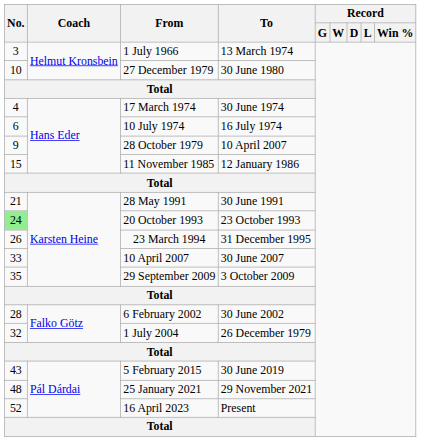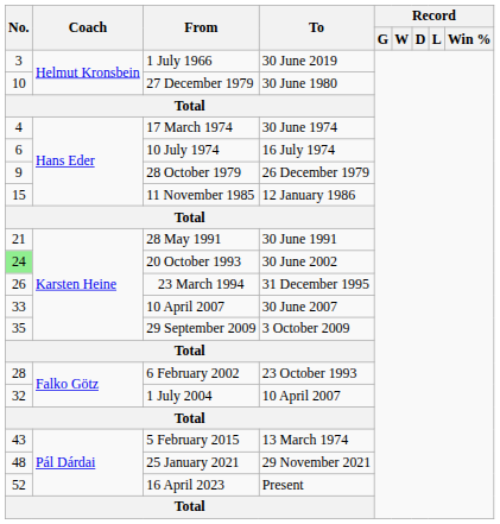 <table class="wikitable" style="text-align: center">
 <tr>
 <th rowspan="2">No.</th>
 <th rowspan="2">Coach</th>
 <th rowspan="2">From</th>
 <th rowspan="2">To</th>
 <th colspan="5">Record</th>
 </tr>
 <tr>
 <th>G</th>
 <th>W</th>
 <th>D</th>
 <th>L</th>
 <th>Win %</th>
 </tr>
 <tr>
 <td>3</td>
 <td rowspan="2" align="left"><a href='#'>Helmut Kronsbein</a></td>
 <td align=left>1 July 1966</td>
-<td align=left>13 March 1974<br></td>
+<td align=left>30 June 2019<br></td>
 </tr>
 <tr>
 <td>10</td>
 <td align=left>27 December 1979</td>
 <td align=left>30 June 1980<br></td>
 </tr>
 <tr>
 <th colspan="4">Total<br></th>
 </tr>
 <tr>
 <td>4</td>
 <td rowspan="4" align="left"><a href='#'>Hans Eder</a></td>
 <td align=left>17 March 1974</td>
 <td align=left>30 June 1974<br></td>
 </tr>
 <tr>
 <td>6</td>
 <td align=left>10 July 1974</td>
 <td align=left>16 July 1974<br></td>
 </tr>
 <tr>
 <td>9</td>
 <td align=left>28 October 1979</td>
-<td align=left>10 April 2007<br></td>
+<td align=left>26 December 1979<br></td>
 </tr>
 <tr>
 <td>15</td>
 <td align=left>11 November 1985</td>
 <td align=left>12 January 1986<br></td>
 </tr>
 <tr>
 <th colspan="4">Total<br></th>
 </tr>
 <tr>
 <td>21</td>
 <td rowspan="5" align="left"><a href='#'>Karsten Heine</a></td>
 <td align=left>28 May 1991</td>
 <td align=left>30 June 1991<br></td>
 </tr>
 <tr>
 <td style="background: lightgreen;">24</td>
 <td align=left>20 October 1993</td>
-<td align=left>23 October 1993<br></td>
+<td align=left>30 June 2002<br></td>
 </tr>
 <tr>
 <td>26</td>
 <td>23 March 1994</td>
 <td align=left>31 December 1995<br></td>
 </tr>
 <tr>
 <td>33</td>
 <td align=left>10 April 2007</td>
 <td align=left>30 June 2007<br></td>
 </tr>
 <tr>
 <td>35</td>
 <td align=left>29 September 2009</td>
 <td align=left>3 October 2009<br></td>
 </tr>
 <tr>
 <th colspan="4">Total<br></th>
 </tr>
 <tr>
 <td>28</td>
 <td rowspan="2" align="left"><a href='#'>Falko Götz</a></td>
 <td align=left>6 February 2002</td>
-<td align=left>30 June 2002<br></td>
+<td align=left>23 October 1993<br></td>
 </tr>
 <tr>
 <td>32</td>
 <td align=left>1 July 2004</td>
-<td align=left>26 December 1979<br></td>
+<td align=left>10 April 2007<br></td>
 </tr>
 <tr>
 <th colspan="4">Total<br></th>
 </tr>
 <tr>
 <td>43</td>
 <td rowspan="3" align="left"><a href='#'>Pál Dárdai</a></td>
 <td align=left>5 February 2015</td>
-<td align=left>30 June 2019<br></td>
+<td align=left>13 March 1974<br></td>
 </tr>
 <tr>
 <td>48</td>
 <td align=left>25 January 2021</td>
 <td align=left>29 November 2021<br></td>
 </tr>
 <tr>
 <td>52</td>
 <td align=left>16 April 2023</td>
 <td align=left>Present<br></td>
 </tr>
 <tr>
 <th colspan="4">Total<br></th>
 </tr>
 </table>
